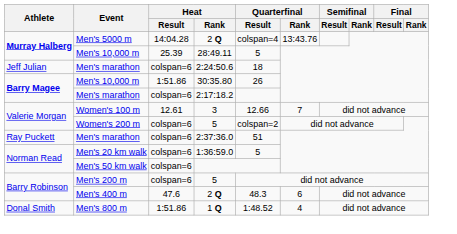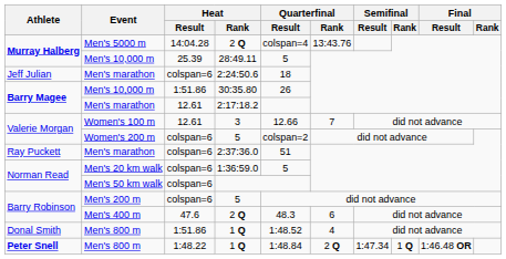 <table class=wikitable style=font-size:90%>
 <tr>
 <th rowspan=2>Athlete</th>
 <th rowspan=2>Event</th>
 <th colspan=2>Heat</th>
 <th colspan=2>Quarterfinal</th>
 <th colspan=2>Semifinal</th>
 <th colspan=2>Final</th>
 </tr>
 <tr style=font-size:95%>
 <th>Result</th>
 <th>Rank</th>
 <th>Result</th>
 <th>Rank</th>
 <th>Result</th>
 <th>Rank</th>
 <th>Result</th>
 <th>Rank</th>
 </tr>
 <tr align=center>
 <td align=left rowspan=2><strong><a href='#'>Murray Halberg</a></strong></td>
 <td align=left><a href='#'>Men's 5000 m</a></td>
 <td>14:04.28</td>
 <td>2 <strong>Q</strong></td>
 <td>colspan=4 </td>
 <td>13:43.76</td>
 <td></td>
 </tr>
 <tr align=center>
 <td align=left><a href='#'>Men's 10,000 m</a></td>
 <td>25.39</td>
 <td>28:49.11</td>
 <td>5</td>
 </tr>
 <tr align=center>
 <td align=left><a href='#'>Jeff Julian</a></td>
 <td align=left><a href='#'>Men's marathon</a></td>
 <td>colspan=6 </td>
 <td>2:24:50.6</td>
 <td>18</td>
 </tr>
 <tr align=center>
 <td align=left rowspan=2><strong><a href='#'>Barry Magee</a></strong></td>
 <td align=left><a href='#'>Men's 10,000 m</a></td>
 <td>1:51.86</td>
 <td>30:35.80</td>
 <td>26</td>
 </tr>
 <tr align=center>
 <td align=left><a href='#'>Men's marathon</a></td>
-<td>colspan=6 </td>
+<td>12.61</td>
 <td>2:17:18.2</td>
 <td></td>
 </tr>
 <tr align=center>
 <td align=left rowspan=2><a href='#'>Valerie Morgan</a></td>
 <td align=left><a href='#'>Women's 100 m</a></td>
 <td>12.61</td>
 <td>3</td>
 <td>12.66</td>
 <td>7</td>
 <td colspan=4>did not advance</td>
 </tr>
 <tr align=center>
 <td align=left><a href='#'>Women's 200 m</a></td>
 <td>colspan=6 </td>
 <td>5</td>
 <td>colspan=2 </td>
 <td colspan=4>did not advance</td>
 </tr>
 <tr align=center>
 <td align=left><a href='#'>Ray Puckett</a></td>
 <td align=left><a href='#'>Men's marathon</a></td>
 <td>colspan=6 </td>
 <td>2:37:36.0</td>
 <td>51</td>
 </tr>
 <tr align=center>
 <td align=left rowspan=2><a href='#'>Norman Read</a></td>
 <td align=left><a href='#'>Men's 20 km walk</a></td>
 <td>colspan=6 </td>
 <td>1:36:59.0</td>
 <td>5</td>
 </tr>
 <tr align=center>
 <td align=left><a href='#'>Men's 50 km walk</a></td>
 <td>colspan=6 </td>
 <td colspan=2></td>
 </tr>
 <tr align=center>
 <td align=left rowspan=2><a href='#'>Barry Robinson</a></td>
 <td align=left><a href='#'>Men's 200 m</a></td>
 <td>colspan=6 </td>
 <td>5</td>
 <td colspan=6>did not advance</td>
 </tr>
 <tr align=center>
 <td align=left><a href='#'>Men's 400 m</a></td>
 <td>47.6</td>
 <td>2 <strong>Q</strong></td>
 <td>48.3</td>
 <td>6</td>
 <td colspan=4>did not advance</td>
 </tr>
 <tr align=center>
 <td align=left><a href='#'>Donal Smith</a></td>
 <td align=left><a href='#'>Men's 800 m</a></td>
 <td>1:51.86</td>
 <td>1 <strong>Q</strong></td>
 <td>1:48.52</td>
 <td>4</td>
 <td colspan=4>did not advance</td>
 </tr>
+<tr align=center>
+<td align=left><strong><a href='#'>Peter Snell</a></strong></td>
+<td align=left><a href='#'>Men's 800 m</a></td>
+<td>1:48.22</td>
+<td>1 <strong>Q</strong></td>
+<td>1:48.84</td>
+<td>2 <strong>Q</strong></td>
+<td>1:47.34</td>
+<td>1 <strong>Q</strong></td>
+<td>1:46.48 <strong>OR</strong></td>
+<td></td>
+</tr>
 </table>
